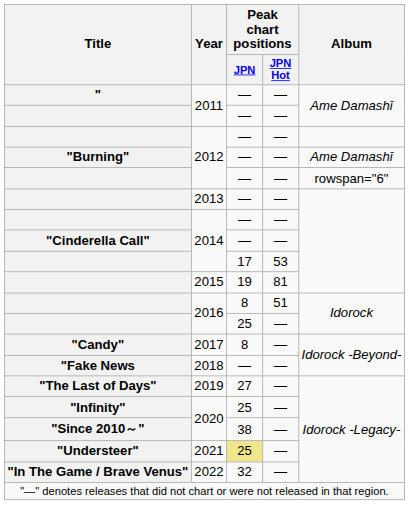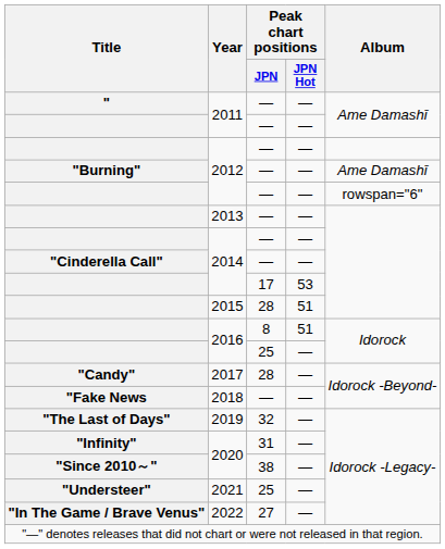 <table class="wikitable plainrowheaders" style="text-align:center;">
 <tr>
 <th scope="col" rowspan="2">Title</th>
 <th scope="col" rowspan="2">Year</th>
 <th scope="col" colspan="2">Peak chart positions</th>
 <th scope="col" rowspan="2">Album</th>
 </tr>
 <tr>
 <th scope="col" style="width:2.75em;font-size:85%;"><a href='#'>JPN</a><br></th>
 <th scope="col" style="width:2.75em;font-size:85%;"><a href='#'>JPN<br>Hot</a><br></th>
 </tr>
 <tr>
 <th scope="row">"</th>
 <td rowspan="2">2011</td>
 <td>—</td>
 <td>—</td>
 <td rowspan="2"><em>Ame Damashī</em></td>
 </tr>
 <tr>
 <th scope="row"></th>
 <td>—</td>
 <td>—</td>
 </tr>
 <tr>
 <th scope="row"></th>
 <td rowspan="3">2012</td>
 <td>—</td>
 <td>—</td>
 <td></td>
 </tr>
 <tr>
 <th scope="row">"Burning"</th>
 <td>—</td>
 <td>—</td>
 <td><em>Ame Damashī</em></td>
 </tr>
 <tr>
 <th scope="row"></th>
 <td>—</td>
 <td>—</td>
 <td>rowspan="6" </td>
 </tr>
 <tr>
 <th scope="row"></th>
 <td>2013</td>
 <td>—</td>
 <td>—</td>
 </tr>
 <tr>
 <th scope="row"></th>
 <td rowspan="3">2014</td>
 <td>—</td>
 <td>—</td>
 </tr>
 <tr>
 <th scope="row">"Cinderella Call"</th>
 <td>—</td>
 <td>—</td>
 </tr>
 <tr>
 <th scope="row"></th>
 <td>17</td>
 <td>53</td>
 </tr>
 <tr>
 <th scope="row"></th>
 <td>2015</td>
-<td>19</td>
-<td>81</td>
+<td>28</td>
+<td>51</td>
 </tr>
 <tr>
 <th scope="row"></th>
 <td rowspan="2">2016</td>
 <td>8</td>
 <td>51</td>
 <td rowspan="2"><em>Idorock</em></td>
 </tr>
 <tr>
 <th scope="row"></th>
 <td>25</td>
 <td>—</td>
 </tr>
 <tr>
 <th scope="row">"Candy"</th>
 <td>2017</td>
-<td>8</td>
+<td>28</td>
 <td>—</td>
 <td rowspan="2"><em>Idorock -Beyond-</em></td>
 </tr>
 <tr>
 <th scope="row">"Fake News</th>
 <td>2018</td>
 <td>—</td>
 <td>—</td>
 </tr>
 <tr>
 <th scope="row">"The Last of Days"</th>
 <td>2019</td>
-<td>27</td>
+<td>32</td>
 <td>—</td>
 <td rowspan="5"><em>Idorock -Legacy-</em></td>
 </tr>
 <tr>
 <th scope="row">"Infinity"</th>
 <td rowspan="2">2020</td>
-<td>25</td>
+<td>31</td>
 <td>—</td>
 </tr>
 <tr>
 <th scope="row">"Since 2010～"</th>
 <td>38</td>
 <td>—</td>
 </tr>
 <tr>
 <th scope="row">"Understeer"</th>
 <td>2021</td>
-<td style="background: khaki;">25</td>
+<td>25</td>
 <td>—</td>
 </tr>
 <tr>
 <th scope="row">"In The Game / Brave Venus"</th>
 <td>2022</td>
-<td>32</td>
+<td>27</td>
 <td>—</td>
 </tr>
 <tr>
 <td colspan="5" style="font-size:85%">"—" denotes releases that did not chart or were not released in that region.</td>
 </tr>
 </table>
